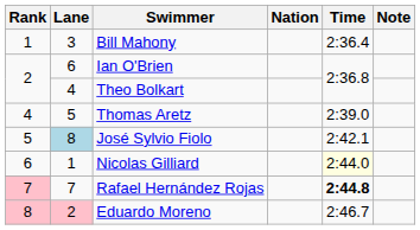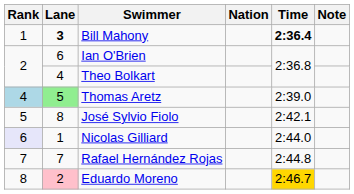 <table class="wikitable sortable" style="text-align:center">
 <tr>
 <th>Rank</th>
 <th>Lane</th>
 <th>Swimmer</th>
 <th>Nation</th>
 <th>Time</th>
 <th>Note</th>
 </tr>
 <tr>
 <td>1</td>
-<td>3</td>
+<td><strong>3</strong></td>
 <td align=left><a href='#'>Bill Mahony</a></td>
 <td align=left></td>
-<td>2:36.4</td>
+<td><strong>2:36.4</strong></td>
 <td></td>
 </tr>
 <tr>
 <td rowspan=2>2</td>
 <td>6</td>
 <td align=left><a href='#'>Ian O'Brien</a></td>
 <td align=left></td>
 <td rowspan=2>2:36.8</td>
 <td></td>
 </tr>
 <tr>
 <td>4</td>
 <td align=left><a href='#'>Theo Bolkart</a></td>
 <td align=left></td>
 <td></td>
 </tr>
 <tr>
-<td>4</td>
-<td>5</td>
+<td style="background: lightblue;">4</td>
+<td style="background: lightgreen;">5</td>
 <td align=left><a href='#'>Thomas Aretz</a></td>
 <td align=left></td>
 <td>2:39.0</td>
 <td></td>
 </tr>
 <tr>
 <td>5</td>
-<td style="background: lightblue;">8</td>
+<td>8</td>
 <td align=left><a href='#'>José Sylvio Fiolo</a></td>
 <td align=left></td>
 <td>2:42.1</td>
 <td></td>
 </tr>
 <tr>
-<td>6</td>
+<td style="background: lavender;">6</td>
 <td>1</td>
 <td align=left><a href='#'>Nicolas Gilliard</a></td>
 <td align=left></td>
-<td style="background: lightyellow;">2:44.0</td>
+<td>2:44.0</td>
 <td></td>
 </tr>
 <tr>
-<td style="background: pink;">7</td>
+<td>7</td>
 <td>7</td>
 <td align=left><a href='#'>Rafael Hernández Rojas</a></td>
 <td align=left></td>
-<td><strong>2:44.8</strong></td>
+<td>2:44.8</td>
 <td></td>
 </tr>
 <tr>
-<td style="background: pink;">8</td>
+<td>8</td>
 <td style="background: pink;">2</td>
 <td align=left><a href='#'>Eduardo Moreno</a></td>
 <td align=left></td>
-<td>2:46.7</td>
+<td style="background: gold;">2:46.7</td>
 <td></td>
 </tr>
 </table>
